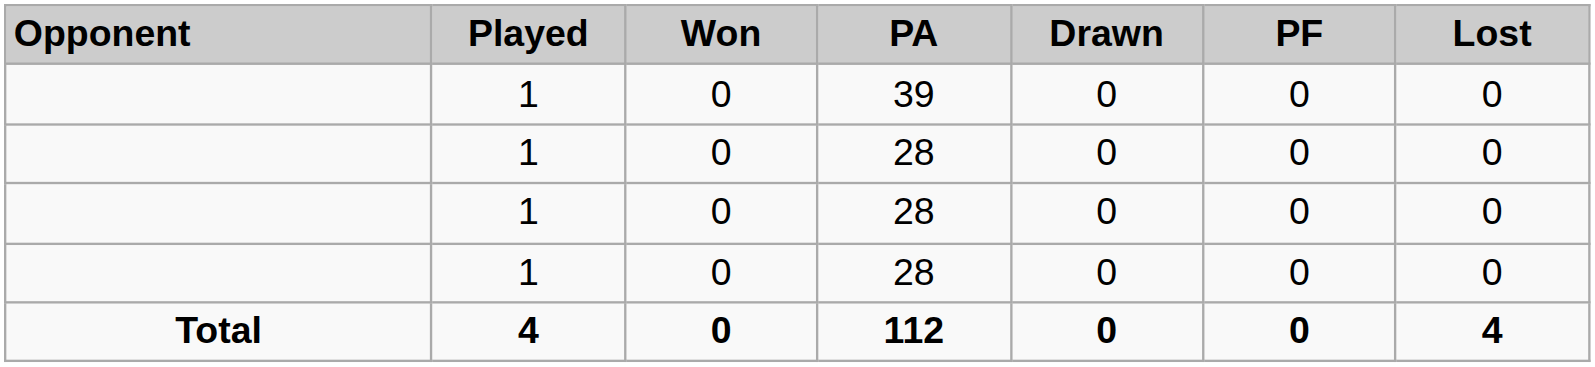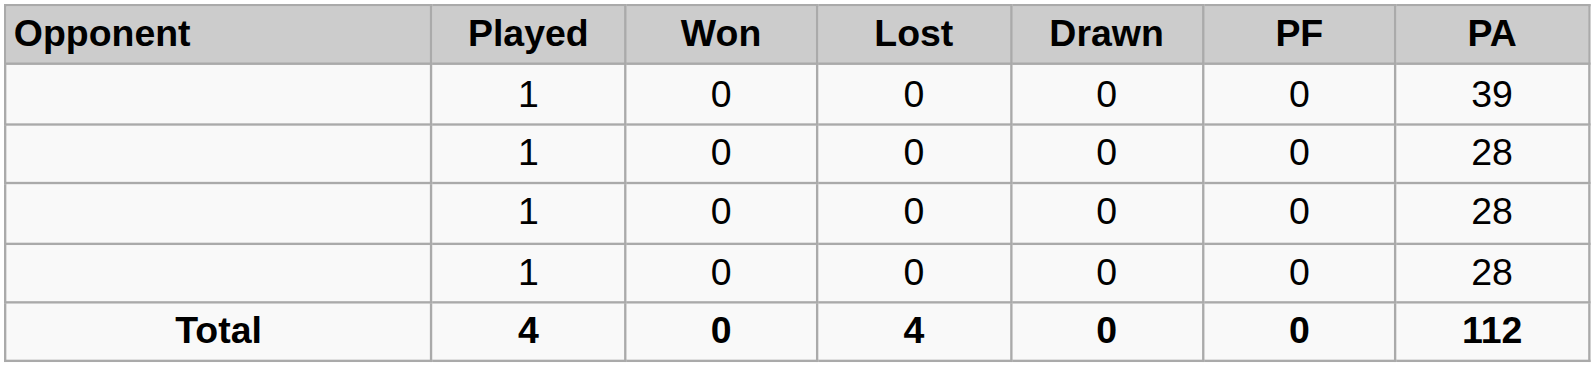 <table class="wikitable sortable" style="border:1px solid #ccc;">
 <tr>
 <th style="width:175px; text-align:left; background:#ccc;">Opponent</th>
 <th style="width:75px; text-align:center; background:#ccc;">Played</th>
 <th style="width:75px; text-align:center; background:#ccc;">Won</th>
-<th style="width:75px; text-align:center; background:#ccc;">PA</th>
+<th style="width:75px; text-align:center; background:#ccc;">Lost</th>
 <th style="width:75px; text-align:center; background:#ccc;">Drawn</th>
 <th style="width:75px; text-align:center; background:#ccc;">PF</th>
-<th style="width:75px; text-align:center; background:#ccc;">Lost</th>
+<th style="width:75px; text-align:center; background:#ccc;">PA</th>
 </tr>
 <tr style="text-align:center;">
 <td align="left"></td>
 <td>1</td>
 <td>0</td>
-<td>39</td>
 <td>0</td>
 <td>0</td>
 <td>0</td>
+<td>39</td>
 </tr>
 <tr style="text-align:center;">
 <td align="left"></td>
 <td>1</td>
 <td>0</td>
-<td>28</td>
 <td>0</td>
 <td>0</td>
 <td>0</td>
+<td>28</td>
 </tr>
 <tr style="text-align:center;">
 <td align="left"></td>
 <td>1</td>
 <td>0</td>
-<td>28</td>
 <td>0</td>
 <td>0</td>
 <td>0</td>
+<td>28</td>
 </tr>
 <tr style="text-align:center;">
 <td align="left"></td>
 <td>1</td>
 <td>0</td>
-<td>28</td>
 <td>0</td>
 <td>0</td>
 <td>0</td>
+<td>28</td>
 </tr>
 <tr style="text-align:center;">
 <td><strong>Total</strong></td>
 <td><strong>4</strong></td>
 <td><strong>0</strong></td>
-<td><strong>112</strong></td>
+<td><strong>4</strong></td>
 <td><strong>0</strong></td>
 <td><strong>0</strong></td>
-<td><strong>4</strong></td>
+<td><strong>112</strong></td>
 </tr>
 </table>
